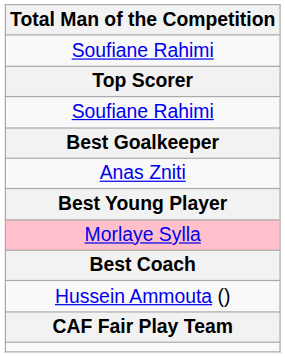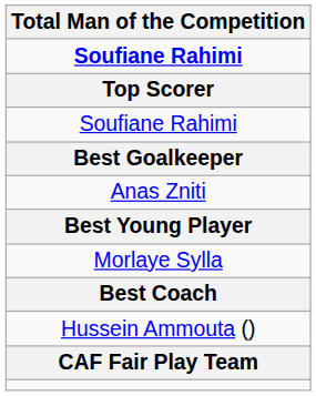 <table class="wikitable" style="margin:auto;text-align:center">
 <tr>
 <th>Total Man of the Competition</th>
 </tr>
 <tr>
-<td> <a href='#'>Soufiane Rahimi</a></td>
+<td><strong> <a href='#'>Soufiane Rahimi</a></strong></td>
 </tr>
 <tr>
 <th>Top Scorer</th>
 </tr>
 <tr>
 <td> <a href='#'>Soufiane Rahimi</a><br></td>
 </tr>
 <tr>
 <th>Best Goalkeeper</th>
 </tr>
 <tr>
 <td> <a href='#'>Anas Zniti</a></td>
 </tr>
 <tr>
 <th>Best Young Player</th>
 </tr>
 <tr>
-<td style="background: pink;"> <a href='#'>Morlaye Sylla</a></td>
+<td> <a href='#'>Morlaye Sylla</a></td>
 </tr>
 <tr>
 <th>Best Coach</th>
 </tr>
 <tr>
 <td> <a href='#'>Hussein Ammouta</a> ()</td>
 </tr>
 <tr>
 <th>CAF Fair Play Team</th>
 </tr>
 <tr>
 <td></td>
 </tr>
 </table>
